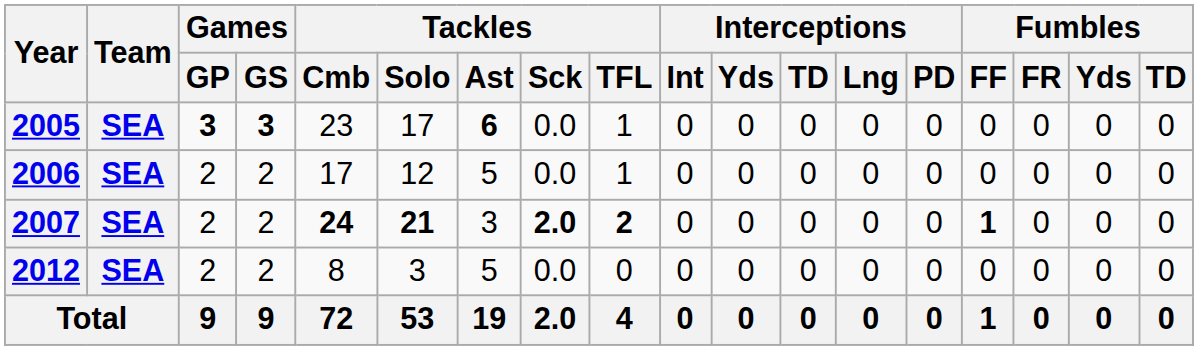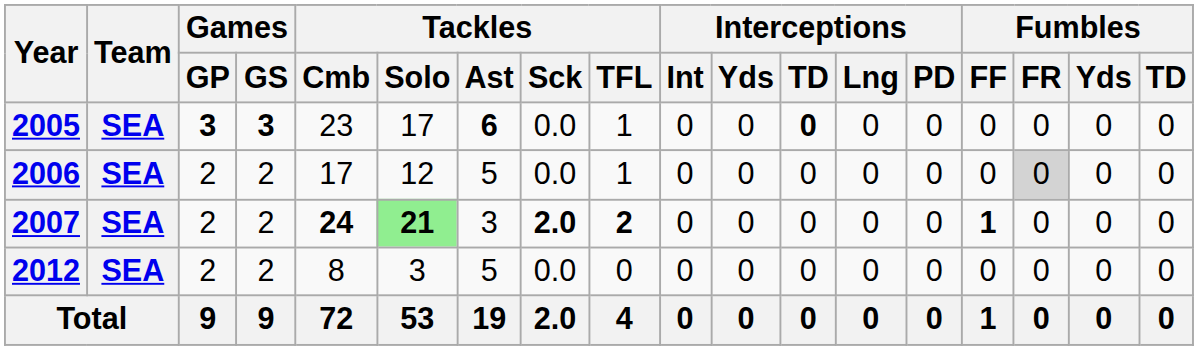 <table class="wikitable" style="text-align:center">
 <tr>
 <th rowspan="2">Year</th>
 <th rowspan="2">Team</th>
 <th colspan="2">Games</th>
 <th colspan="5">Tackles</th>
 <th colspan="5">Interceptions</th>
 <th colspan="4">Fumbles</th>
 </tr>
 <tr>
 <th>GP</th>
 <th>GS</th>
 <th>Cmb</th>
 <th>Solo</th>
 <th>Ast</th>
 <th>Sck</th>
 <th>TFL</th>
 <th>Int</th>
 <th>Yds</th>
 <th>TD</th>
 <th>Lng</th>
 <th>PD</th>
 <th>FF</th>
 <th>FR</th>
 <th>Yds</th>
 <th>TD</th>
 </tr>
 <tr>
 <th><a href='#'>2005</a></th>
 <th><a href='#'>SEA</a></th>
 <td><strong>3</strong></td>
 <td><strong>3</strong></td>
 <td>23</td>
 <td>17</td>
 <td><strong>6</strong></td>
 <td>0.0</td>
 <td>1</td>
 <td>0</td>
 <td>0</td>
-<td>0</td>
+<td><strong>0</strong></td>
 <td>0</td>
 <td>0</td>
 <td>0</td>
 <td>0</td>
 <td>0</td>
 <td>0</td>
 </tr>
 <tr>
 <th><a href='#'>2006</a></th>
 <th><a href='#'>SEA</a></th>
 <td>2</td>
 <td>2</td>
 <td>17</td>
 <td>12</td>
 <td>5</td>
 <td>0.0</td>
 <td>1</td>
 <td>0</td>
 <td>0</td>
 <td>0</td>
 <td>0</td>
 <td>0</td>
 <td>0</td>
-<td>0</td>
+<td style="background: lightgrey;">0</td>
 <td>0</td>
 <td>0</td>
 </tr>
 <tr>
 <th><a href='#'>2007</a></th>
 <th><a href='#'>SEA</a></th>
 <td>2</td>
 <td>2</td>
 <td><strong>24</strong></td>
-<td><strong>21</strong></td>
+<td style="background: lightgreen;"><strong>21</strong></td>
 <td>3</td>
 <td><strong>2.0</strong></td>
 <td><strong>2</strong></td>
 <td>0</td>
 <td>0</td>
 <td>0</td>
 <td>0</td>
 <td>0</td>
 <td><strong>1</strong></td>
 <td>0</td>
 <td>0</td>
 <td>0</td>
 </tr>
 <tr>
 <th><a href='#'>2012</a></th>
 <th><a href='#'>SEA</a></th>
 <td>2</td>
 <td>2</td>
 <td>8</td>
 <td>3</td>
 <td>5</td>
 <td>0.0</td>
 <td>0</td>
 <td>0</td>
 <td>0</td>
 <td>0</td>
 <td>0</td>
 <td>0</td>
 <td>0</td>
 <td>0</td>
 <td>0</td>
 <td>0</td>
 </tr>
 <tr>
 <th colspan="2">Total</th>
 <th>9</th>
 <th>9</th>
 <th>72</th>
 <th>53</th>
 <th>19</th>
 <th>2.0</th>
 <th>4</th>
 <th>0</th>
 <th>0</th>
 <th>0</th>
 <th>0</th>
 <th>0</th>
 <th>1</th>
 <th>0</th>
 <th>0</th>
 <th>0</th>
 </tr>
 </table>
